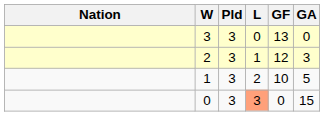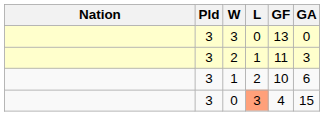 <table class=wikitable style="text-align:center">
 <tr>
 <th width=220>Nation</th>
+<th width=20>Pld</th>
 <th width=20>W</th>
-<th width=20>Pld</th>
 <th width=20>L</th>
 <th width=20>GF</th>
 <th width=20>GA</th>
 </tr>
 <tr bgcolor=#ffffcc>
 <td align=left></td>
 <td>3</td>
 <td>3</td>
 <td>0</td>
 <td>13</td>
 <td>0</td>
 </tr>
 <tr bgcolor=#ffffcc>
 <td align=left></td>
+<td>3</td>
 <td>2</td>
-<td>3</td>
 <td>1</td>
-<td>12</td>
+<td>11</td>
 <td>3</td>
 </tr>
 <tr>
 <td align=left></td>
+<td>3</td>
 <td>1</td>
-<td>3</td>
 <td>2</td>
 <td>10</td>
-<td>5</td>
+<td>6</td>
 </tr>
 <tr>
 <td align=left></td>
+<td>3</td>
 <td>0</td>
-<td>3</td>
 <td style="background: lightsalmon;">3</td>
-<td>0</td>
+<td>4</td>
 <td>15</td>
 </tr>
 </table>
